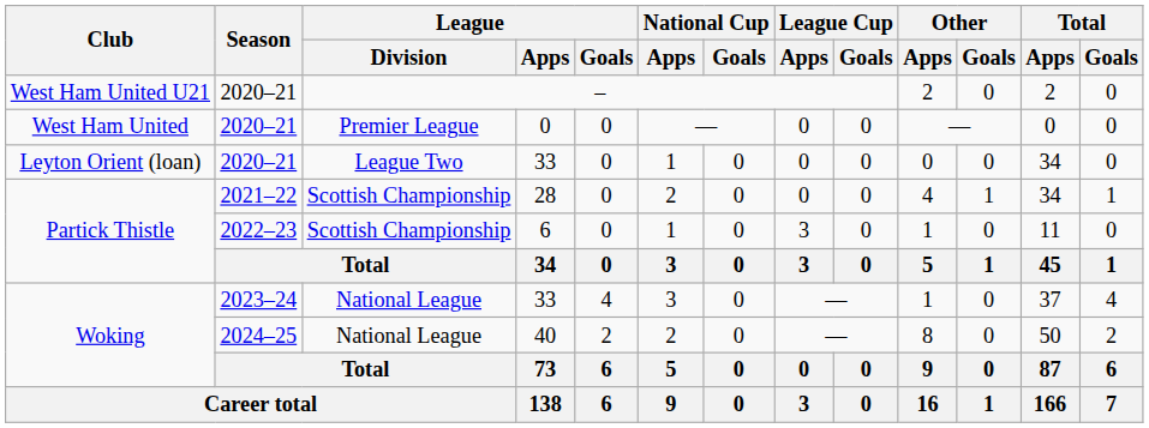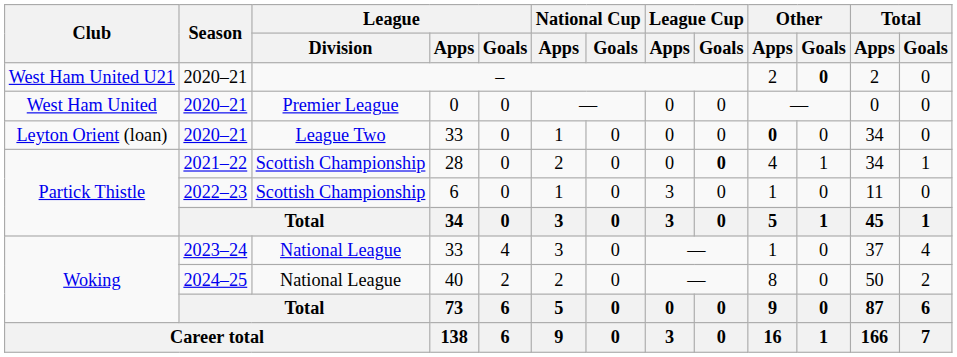 <table class=wikitable style=text-align:center>
 <tr>
 <th rowspan=2>Club</th>
 <th rowspan=2>Season</th>
 <th colspan=3>League</th>
 <th colspan=2>National Cup</th>
 <th colspan=2>League Cup</th>
 <th colspan=2>Other</th>
 <th colspan=2>Total</th>
 </tr>
 <tr>
 <th>Division</th>
 <th>Apps</th>
 <th>Goals</th>
 <th>Apps</th>
 <th>Goals</th>
 <th>Apps</th>
 <th>Goals</th>
 <th>Apps</th>
 <th>Goals</th>
 <th>Apps</th>
 <th>Goals</th>
 </tr>
 <tr>
 <td><a href='#'>West Ham United U21</a></td>
 <td>2020–21</td>
 <td colspan="7">–</td>
 <td>2</td>
-<td>0</td>
+<td><strong>0</strong></td>
 <td>2</td>
 <td>0</td>
 </tr>
 <tr>
 <td><a href='#'>West Ham United</a></td>
 <td><a href='#'>2020–21</a></td>
 <td><a href='#'>Premier League</a></td>
 <td>0</td>
 <td>0</td>
 <td colspan=2>—</td>
 <td>0</td>
 <td>0</td>
 <td colspan=2>—</td>
 <td>0</td>
 <td>0</td>
 </tr>
 <tr>
 <td><a href='#'>Leyton Orient</a> (loan)</td>
 <td><a href='#'>2020–21</a></td>
 <td><a href='#'>League Two</a></td>
 <td>33</td>
 <td>0</td>
 <td>1</td>
 <td>0</td>
 <td>0</td>
 <td>0</td>
-<td>0</td>
+<td><strong>0</strong></td>
 <td>0</td>
 <td>34</td>
 <td>0</td>
 </tr>
 <tr>
 <td rowspan=3><a href='#'>Partick Thistle</a></td>
 <td><a href='#'>2021–22</a></td>
 <td><a href='#'>Scottish Championship</a></td>
 <td>28</td>
 <td>0</td>
 <td>2</td>
 <td>0</td>
 <td>0</td>
-<td>0</td>
+<td><strong>0</strong></td>
 <td>4</td>
 <td>1</td>
 <td>34</td>
 <td>1</td>
 </tr>
 <tr>
 <td><a href='#'>2022–23</a></td>
 <td><a href='#'>Scottish Championship</a></td>
 <td>6</td>
 <td>0</td>
 <td>1</td>
 <td>0</td>
 <td>3</td>
 <td>0</td>
 <td>1</td>
 <td>0</td>
 <td>11</td>
 <td>0</td>
 </tr>
 <tr>
 <th colspan=2>Total</th>
 <th>34</th>
 <th>0</th>
 <th>3</th>
 <th>0</th>
 <th>3</th>
 <th>0</th>
 <th>5</th>
 <th>1</th>
 <th>45</th>
 <th>1</th>
 </tr>
 <tr>
 <td rowspan="3"><a href='#'>Woking</a></td>
 <td><a href='#'>2023–24</a></td>
 <td><a href='#'>National League</a></td>
 <td>33</td>
 <td>4</td>
 <td>3</td>
 <td>0</td>
 <td colspan=2>—</td>
 <td>1</td>
 <td>0</td>
 <td>37</td>
 <td>4</td>
 </tr>
 <tr>
 <td><a href='#'>2024–25</a></td>
 <td>National League</td>
 <td>40</td>
 <td>2</td>
 <td>2</td>
 <td>0</td>
 <td colspan=2>—</td>
 <td>8</td>
 <td>0</td>
 <td>50</td>
 <td>2</td>
 </tr>
 <tr>
 <th colspan=2>Total</th>
 <th>73</th>
 <th>6</th>
 <th>5</th>
 <th>0</th>
 <th>0</th>
 <th>0</th>
 <th>9</th>
 <th>0</th>
 <th>87</th>
 <th>6</th>
 </tr>
 <tr>
 <th colspan=3>Career total</th>
 <th>138</th>
 <th>6</th>
 <th>9</th>
 <th>0</th>
 <th>3</th>
 <th>0</th>
 <th>16</th>
 <th>1</th>
 <th>166</th>
 <th>7</th>
 </tr>
 </table>
